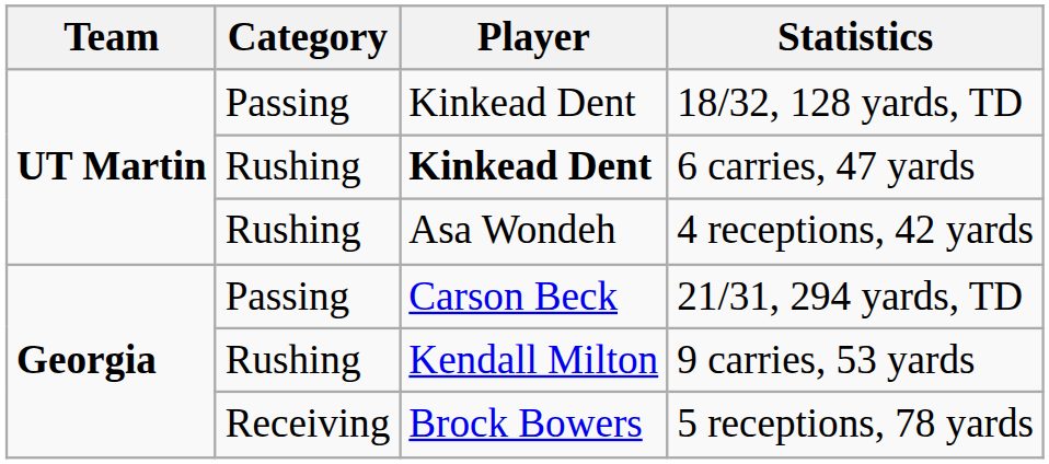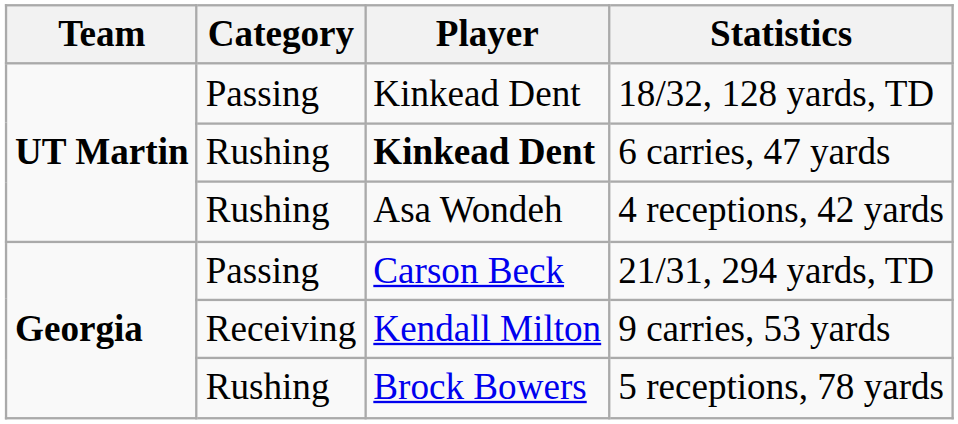 <table class="wikitable" style="float: right;">
 <tr>
 <th>Team</th>
 <th>Category</th>
 <th>Player</th>
 <th>Statistics</th>
 </tr>
 <tr>
 <td rowspan=3><strong>UT Martin</strong></td>
 <td>Passing</td>
 <td>Kinkead Dent</td>
 <td>18/32, 128 yards, TD</td>
 </tr>
 <tr>
 <td>Rushing</td>
 <td><strong>Kinkead Dent</strong></td>
 <td>6 carries, 47 yards</td>
 </tr>
 <tr>
 <td>Rushing</td>
 <td>Asa Wondeh</td>
 <td>4 receptions, 42 yards</td>
 </tr>
 <tr>
 <td rowspan=3><strong>Georgia</strong></td>
 <td>Passing</td>
 <td><a href='#'>Carson Beck</a></td>
 <td>21/31, 294 yards, TD</td>
 </tr>
 <tr>
-<td>Rushing</td>
+<td>Receiving</td>
 <td><a href='#'>Kendall Milton</a></td>
 <td>9 carries, 53 yards</td>
 </tr>
 <tr>
-<td>Receiving</td>
+<td>Rushing</td>
 <td><a href='#'>Brock Bowers</a></td>
 <td>5 receptions, 78 yards</td>
 </tr>
 </table>
